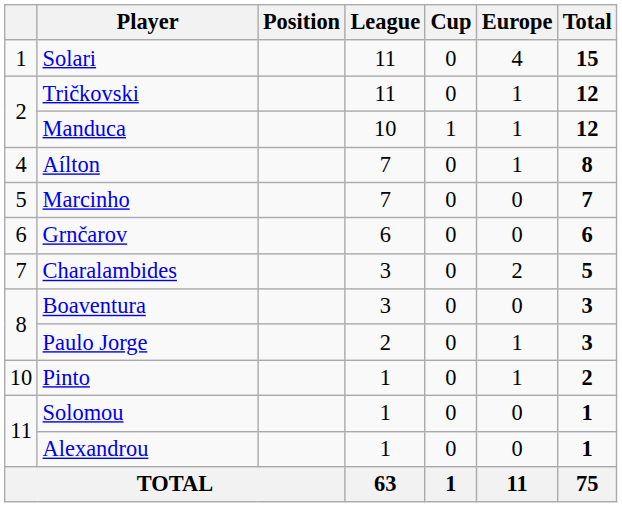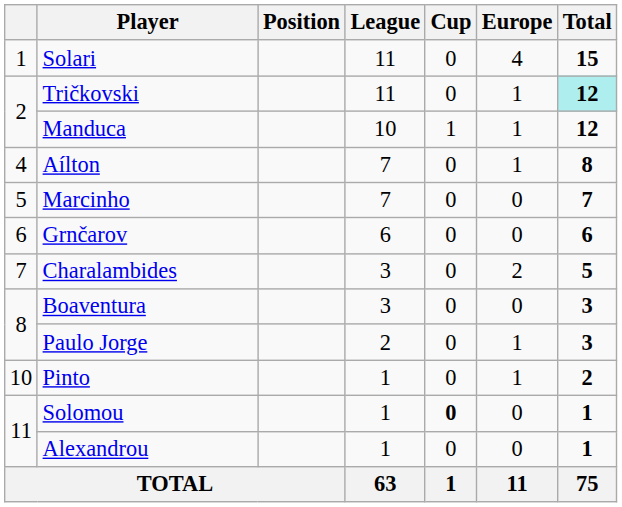 <table class="wikitable">
 <tr>
 <th></th>
 <th width="150">Player</th>
 <th>Position</th>
 <th>League</th>
 <th>Cup</th>
 <th>Europe</th>
 <th>Total</th>
 </tr>
 <tr>
 <td align=center>1</td>
 <td> <a href='#'>Solari</a></td>
 <td align=center></td>
 <td align=center>11</td>
 <td align=center>0</td>
 <td align=center>4</td>
 <td align=center><strong>15</strong></td>
 </tr>
 <tr>
 <td align=center rowspan=2>2</td>
 <td> <a href='#'>Tričkovski</a></td>
 <td align=center></td>
 <td align=center>11</td>
 <td align=center>0</td>
 <td align=center>1</td>
-<td align=center><strong>12</strong></td>
+<td align=center style="background: paleturquoise;"><strong>12</strong></td>
 </tr>
 <tr>
 <td> <a href='#'>Manduca</a></td>
 <td align=center></td>
 <td align=center>10</td>
 <td align=center>1</td>
 <td align=center>1</td>
 <td align=center><strong>12</strong></td>
 </tr>
 <tr>
 <td align=center>4</td>
 <td> <a href='#'>Aílton</a></td>
 <td align=center></td>
 <td align=center>7</td>
 <td align=center>0</td>
 <td align=center>1</td>
 <td align=center><strong>8</strong></td>
 </tr>
 <tr>
 <td align=center>5</td>
 <td> <a href='#'>Marcinho</a></td>
 <td align=center></td>
 <td align=center>7</td>
 <td align=center>0</td>
 <td align=center>0</td>
 <td align=center><strong>7</strong></td>
 </tr>
 <tr>
 <td align=center>6</td>
 <td> <a href='#'>Grnčarov</a></td>
 <td align=center></td>
 <td align=center>6</td>
 <td align=center>0</td>
 <td align=center>0</td>
 <td align=center><strong>6</strong></td>
 </tr>
 <tr>
 <td align=center>7</td>
 <td> <a href='#'>Charalambides</a></td>
 <td align=center></td>
 <td align=center>3</td>
 <td align=center>0</td>
 <td align=center>2</td>
 <td align=center><strong>5</strong></td>
 </tr>
 <tr>
 <td align=center rowspan=2>8</td>
 <td> <a href='#'>Boaventura</a></td>
 <td align=center></td>
 <td align=center>3</td>
 <td align=center>0</td>
 <td align=center>0</td>
 <td align=center><strong>3</strong></td>
 </tr>
 <tr>
 <td> <a href='#'>Paulo Jorge</a></td>
 <td align=center></td>
 <td align=center>2</td>
 <td align=center>0</td>
 <td align=center>1</td>
 <td align=center><strong>3</strong></td>
 </tr>
 <tr>
 <td align=center>10</td>
 <td> <a href='#'>Pinto</a></td>
 <td align=center></td>
 <td align=center>1</td>
 <td align=center>0</td>
 <td align=center>1</td>
 <td align=center><strong>2</strong></td>
 </tr>
 <tr>
 <td align=center rowspan=2>11</td>
 <td> <a href='#'>Solomou</a></td>
 <td align=center></td>
 <td align=center>1</td>
-<td align=center>0</td>
+<td align=center><strong>0</strong></td>
 <td align=center>0</td>
 <td align=center><strong>1</strong></td>
 </tr>
 <tr>
 <td> <a href='#'>Alexandrou</a></td>
 <td align=center></td>
 <td align=center>1</td>
 <td align=center>0</td>
 <td align=center>0</td>
 <td align=center><strong>1</strong></td>
 </tr>
 <tr>
 <th colspan="3" align=center>TOTAL</th>
 <th align=center>63</th>
 <th align=center>1</th>
 <th align=center>11</th>
 <th align=center>75</th>
 </tr>
 </table>
